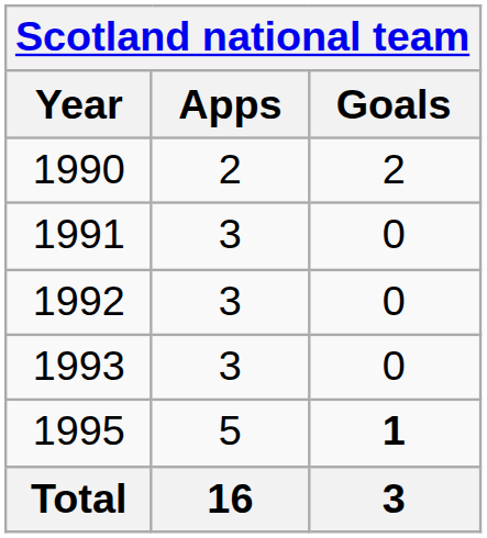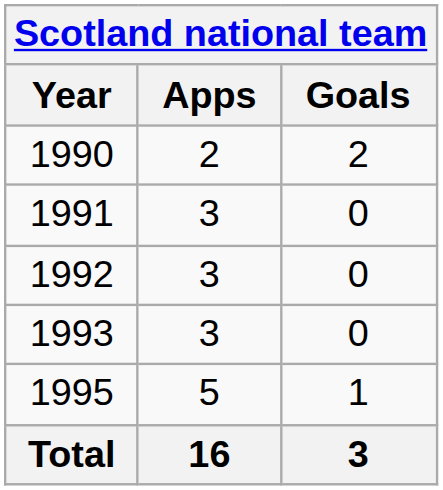 <table class="wikitable" style="text-align:center">
 <tr>
 <th colspan=3><a href='#'>Scotland national team</a></th>
 </tr>
 <tr>
 <th>Year</th>
 <th>Apps</th>
 <th>Goals</th>
 </tr>
 <tr>
 <td>1990</td>
 <td>2</td>
 <td>2</td>
 </tr>
 <tr>
 <td>1991</td>
 <td>3</td>
 <td>0</td>
 </tr>
 <tr>
 <td>1992</td>
 <td>3</td>
 <td>0</td>
 </tr>
 <tr>
 <td>1993</td>
 <td>3</td>
 <td>0</td>
 </tr>
 <tr>
 <td>1995</td>
 <td>5</td>
-<td><strong>1</strong></td>
+<td>1</td>
 </tr>
 <tr>
 <th>Total</th>
 <th>16</th>
 <th>3</th>
 </tr>
 </table>
